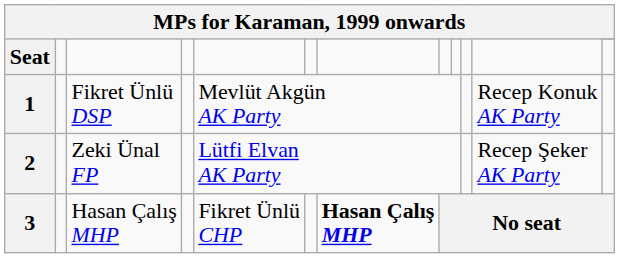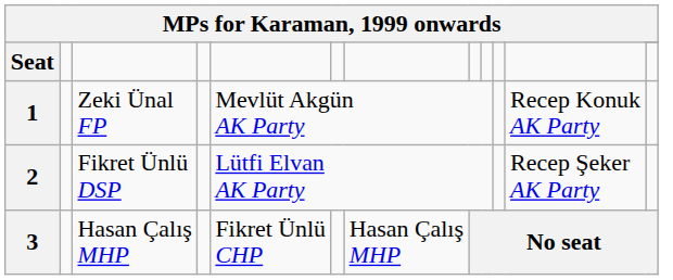 <table class="wikitable">
 <tr>
 <th colspan = 12>MPs for Karaman, 1999 onwards</th>
 </tr>
 <tr>
 <th rowspan = 2>Seat</th>
 <td rowspan="2" style="width:1px;"></td>
 <td rowspan = 2></td>
 <td rowspan="2" style="width:1px;"></td>
 <td rowspan = 2></td>
 <td rowspan="2" style="width:1px;"></td>
 <td rowspan = 2></td>
 <td rowspan="2" style="width:1px;"></td>
 <td rowspan = 2></td>
 <td rowspan="2" style="width:1px;"></td>
 <td rowspan = 2></td>
 </tr>
 <tr>
 <td></td>
 </tr>
 <tr>
 <th>1</th>
 <td width=1px style="background-color: "></td>
-<td colspan = 1>Fikret Ünlü<br><em><a href='#'>DSP</a></em></td>
+<td colspan = 1>Zeki Ünal<br><em><a href='#'>FP</a></em></td>
 <td width=1px style="background-color: "></td>
 <td colspan = 5>Mevlüt Akgün<br><em><a href='#'>AK Party</a></em></td>
 <td width=1px style="background-color: "></td>
 <td colspan = 1>Recep Konuk<br><em><a href='#'>AK Party</a></em></td>
 <td width=1px style="background-color: "></td>
 </tr>
 <tr>
 <th>2</th>
 <td width=1px style="background-color: "></td>
-<td colspan = 1>Zeki Ünal<br><em><a href='#'>FP</a></em></td>
+<td colspan = 1>Fikret Ünlü<br><em><a href='#'>DSP</a></em></td>
 <td width=1px style="background-color: "></td>
 <td colspan = 5><a href='#'>Lütfi Elvan</a><br><em><a href='#'>AK Party</a></em></td>
 <td width=1px style="background-color: "></td>
 <td colspan = 1>Recep Şeker<br><em><a href='#'>AK Party</a></em></td>
 <td width=1px style="background-color: "></td>
 </tr>
 <tr>
 <th>3</th>
 <td width=1px style="background-color: "></td>
 <td colspan = 1>Hasan Çalış<br><em><a href='#'>MHP</a></em></td>
 <td width=1px style="background-color: "></td>
 <td colspan = 1>Fikret Ünlü<br><em><a href='#'>CHP</a></em></td>
 <td width=1px style="background-color: "></td>
-<td colspan = 1><strong>Hasan Çalış<br><em><a href='#'>MHP</a></em></strong></td>
+<td colspan = 1>Hasan Çalış<br><em><a href='#'>MHP</a></em></td>
 <th colspan = 5>No seat</th>
 </tr>
 </table>
